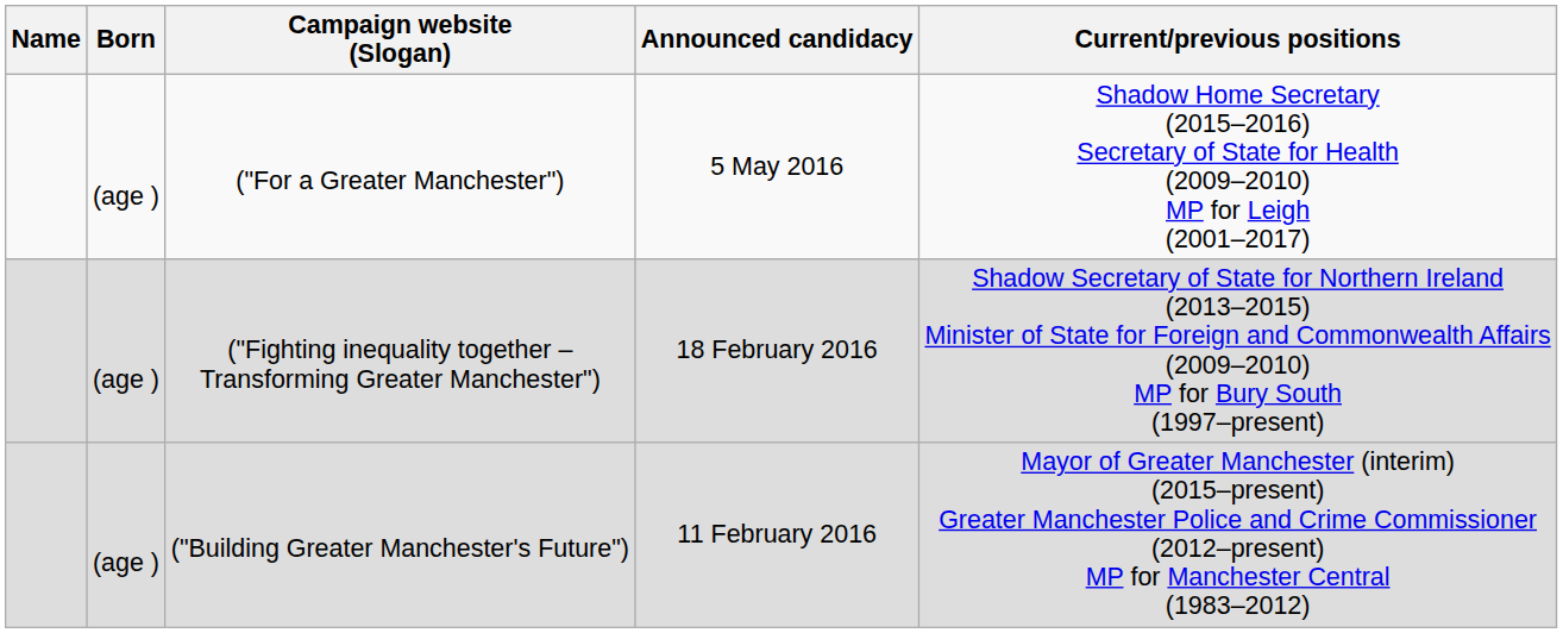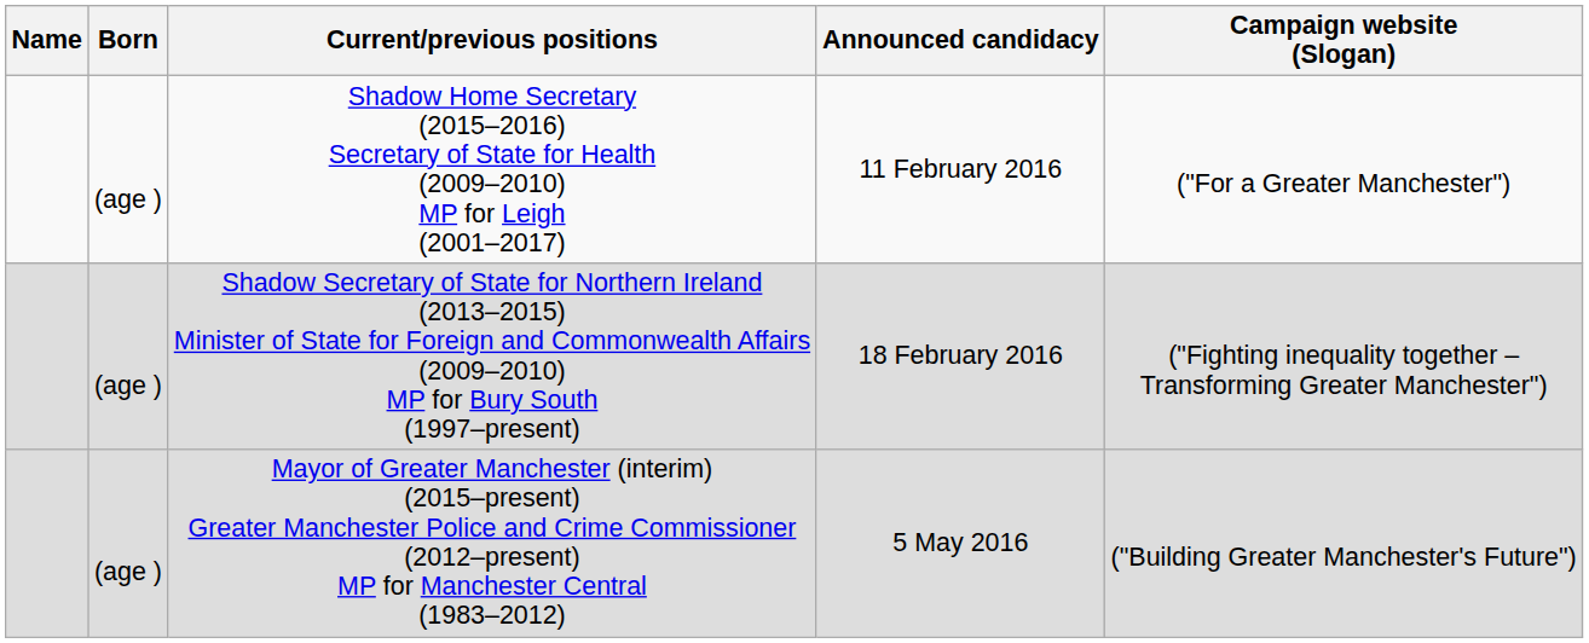 <table class="wikitable sortable" style="text-align:center">
 <tr>
 <th>Name</th>
 <th>Born</th>
+<th>Current/previous positions</th>
+<th>Announced candidacy</th>
 <th>Campaign website<br> (Slogan)</th>
-<th>Announced candidacy</th>
-<th>Current/previous positions</th>
 </tr>
 <tr>
 <td><br><strong></strong></td>
 <td><br><br> (age )</td>
+<td><a href='#'>Shadow Home Secretary</a><br> (2015–2016)<br> <a href='#'>Secretary of State for Health</a><br> (2009–2010)<br> <a href='#'>MP</a> for <a href='#'>Leigh</a><br> (2001–2017)</td>
+<td>11 February 2016</td>
 <td><br> ("For a Greater Manchester")</td>
-<td>5 May 2016</td>
-<td><a href='#'>Shadow Home Secretary</a><br> (2015–2016)<br> <a href='#'>Secretary of State for Health</a><br> (2009–2010)<br> <a href='#'>MP</a> for <a href='#'>Leigh</a><br> (2001–2017)</td>
 </tr>
 <tr style="background: #DDDDDD">
 <td><br> <strong></strong></td>
 <td><br> <br> (age )</td>
+<td><a href='#'>Shadow Secretary of State for Northern Ireland</a><br> (2013–2015)<br> <a href='#'>Minister of State for Foreign and Commonwealth Affairs</a><br> (2009–2010)<br> <a href='#'>MP</a> for <a href='#'>Bury South</a><br> (1997–present)</td>
+<td>18 February 2016</td>
 <td><br> ("Fighting inequality together – <br>Transforming Greater Manchester")</td>
-<td>18 February 2016</td>
-<td><a href='#'>Shadow Secretary of State for Northern Ireland</a><br> (2013–2015)<br> <a href='#'>Minister of State for Foreign and Commonwealth Affairs</a><br> (2009–2010)<br> <a href='#'>MP</a> for <a href='#'>Bury South</a><br> (1997–present)</td>
 </tr>
 <tr style="background: #DDDDDD">
 <td><br> <strong></strong></td>
 <td><br> <br> (age )</td>
+<td><a href='#'>Mayor of Greater Manchester</a> (interim)<br>(2015–present)<br> <a href='#'>Greater Manchester Police and Crime Commissioner</a><br>(2012–present)<br> <a href='#'>MP</a> for <a href='#'>Manchester Central</a> <br> (1983–2012)<br></td>
+<td>5 May 2016</td>
 <td><br> ("Building Greater Manchester's Future")</td>
-<td>11 February 2016</td>
-<td><a href='#'>Mayor of Greater Manchester</a> (interim)<br>(2015–present)<br> <a href='#'>Greater Manchester Police and Crime Commissioner</a><br>(2012–present)<br> <a href='#'>MP</a> for <a href='#'>Manchester Central</a> <br> (1983–2012)<br></td>
 </tr>
 </table>
